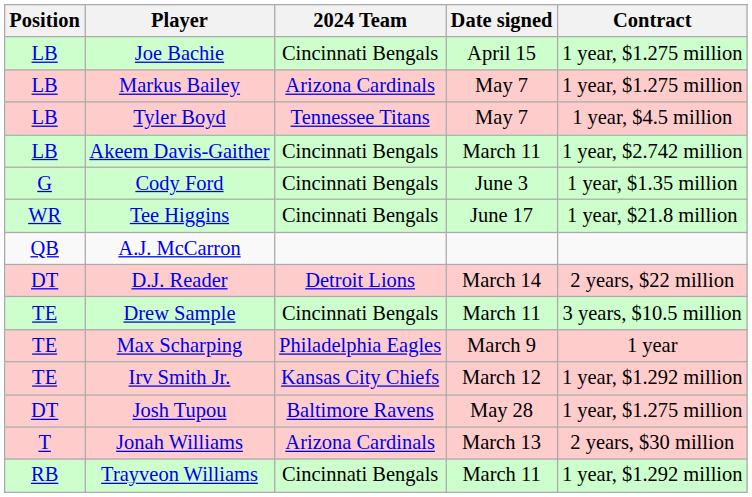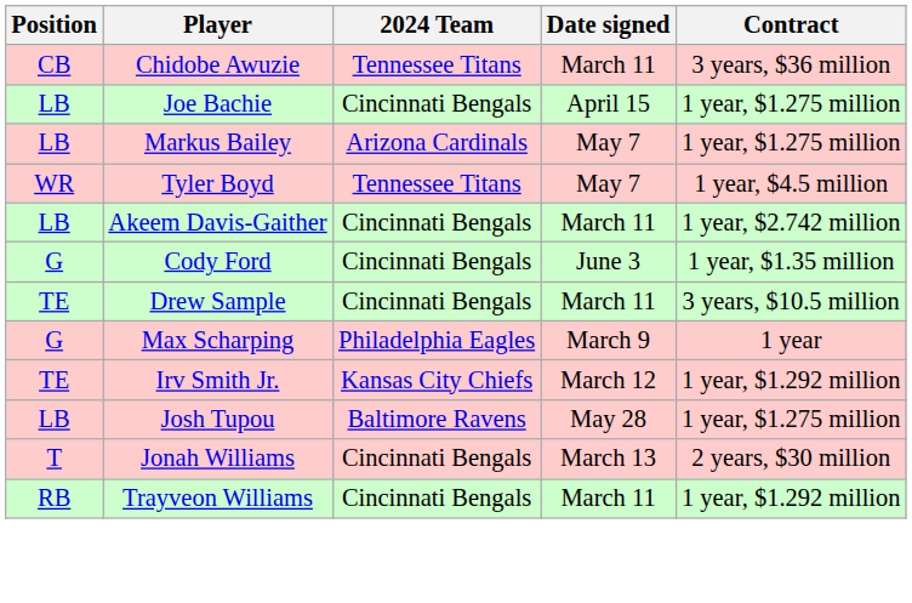 <table class="wikitable" style="text-align:center">
 <tr>
 <th>Position</th>
 <th>Player</th>
 <th>2024 Team</th>
 <th>Date signed</th>
 <th>Contract</th>
+</tr>
+<tr style="background:#fcc;">
+<td><a href='#'>CB</a></td>
+<td><a href='#'>Chidobe Awuzie</a></td>
+<td><a href='#'>Tennessee Titans</a></td>
+<td>March 11</td>
+<td>3 years, $36 million</td>
 </tr>
 <tr style="background:#cfc;">
 <td><a href='#'>LB</a></td>
 <td><a href='#'>Joe Bachie</a></td>
 <td>Cincinnati Bengals</td>
 <td>April 15</td>
 <td>1 year, $1.275 million</td>
 </tr>
 <tr style="background:#fcc;">
 <td><a href='#'>LB</a></td>
 <td><a href='#'>Markus Bailey</a></td>
 <td><a href='#'>Arizona Cardinals</a></td>
 <td>May 7</td>
 <td>1 year, $1.275 million</td>
 </tr>
 <tr style="background:#fcc;">
-<td><a href='#'>LB</a></td>
+<td><a href='#'>WR</a></td>
 <td><a href='#'>Tyler Boyd</a></td>
 <td><a href='#'>Tennessee Titans</a></td>
 <td>May 7</td>
 <td>1 year, $4.5 million</td>
 </tr>
 <tr style="background:#cfc;">
 <td><a href='#'>LB</a></td>
 <td><a href='#'>Akeem Davis-Gaither</a></td>
 <td>Cincinnati Bengals</td>
 <td>March 11</td>
 <td>1 year, $2.742 million</td>
 </tr>
 <tr style="background:#cfc;">
 <td><a href='#'>G</a></td>
 <td><a href='#'>Cody Ford</a></td>
 <td>Cincinnati Bengals</td>
 <td>June 3</td>
 <td>1 year, $1.35 million</td>
 </tr>
 <tr style="background:#cfc;">
-<td><a href='#'>WR</a></td>
-<td><a href='#'>Tee Higgins</a></td>
-<td>Cincinnati Bengals</td>
-<td>June 17</td>
-<td>1 year, $21.8 million </td>
-</tr>
-<tr>
-<td><a href='#'>QB</a></td>
-<td><a href='#'>A.J. McCarron</a></td>
-<td></td>
-<td></td>
-<td></td>
-</tr>
-<tr style="background:#fcc;">
-<td><a href='#'>DT</a></td>
-<td><a href='#'>D.J. Reader</a></td>
-<td><a href='#'>Detroit Lions</a></td>
-<td>March 14</td>
-<td>2 years, $22 million</td>
-</tr>
-<tr style="background:#cfc;">
 <td><a href='#'>TE</a></td>
 <td><a href='#'>Drew Sample</a></td>
 <td>Cincinnati Bengals</td>
 <td>March 11</td>
 <td>3 years, $10.5 million</td>
 </tr>
 <tr style="background:#fcc;">
-<td><a href='#'>TE</a></td>
+<td><a href='#'>G</a></td>
 <td><a href='#'>Max Scharping</a></td>
 <td><a href='#'>Philadelphia Eagles</a></td>
 <td>March 9</td>
 <td>1 year</td>
 </tr>
 <tr style="background:#fcc;">
 <td><a href='#'>TE</a></td>
 <td><a href='#'>Irv Smith Jr.</a></td>
 <td><a href='#'>Kansas City Chiefs</a></td>
 <td>March 12</td>
 <td>1 year, $1.292 million</td>
 </tr>
 <tr style="background:#fcc;">
-<td><a href='#'>DT</a></td>
+<td><a href='#'>LB</a></td>
 <td><a href='#'>Josh Tupou</a></td>
 <td><a href='#'>Baltimore Ravens</a></td>
 <td>May 28</td>
 <td>1 year, $1.275 million</td>
 </tr>
 <tr style="background:#fcc;">
 <td><a href='#'>T</a></td>
 <td><a href='#'>Jonah Williams</a></td>
-<td><a href='#'>Arizona Cardinals</a></td>
+<td>Cincinnati Bengals</td>
 <td>March 13</td>
 <td>2 years, $30 million</td>
 </tr>
 <tr style="background:#cfc;">
 <td><a href='#'>RB</a></td>
 <td><a href='#'>Trayveon Williams</a></td>
 <td>Cincinnati Bengals</td>
 <td>March 11</td>
 <td>1 year, $1.292 million</td>
 </tr>
 </table>
